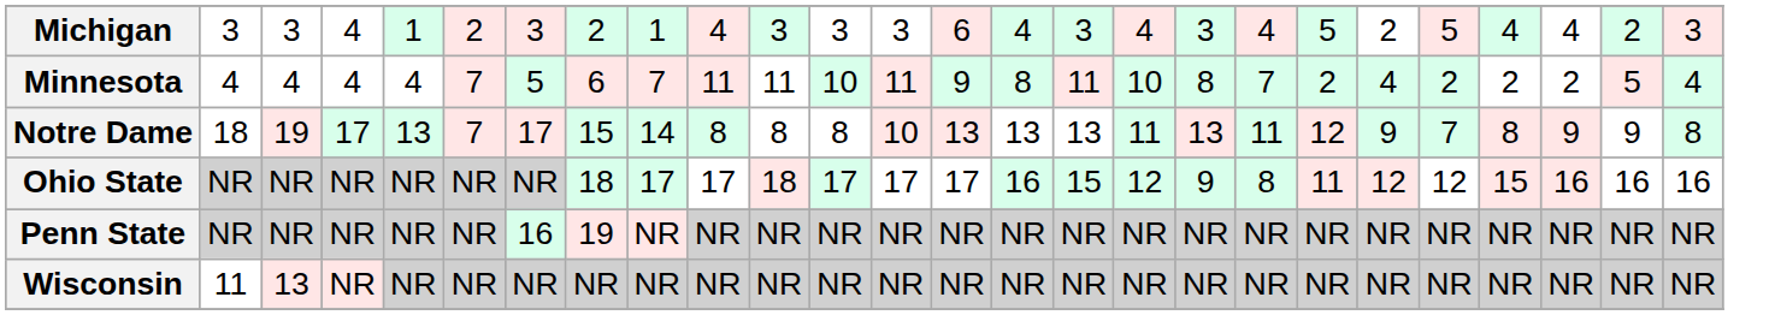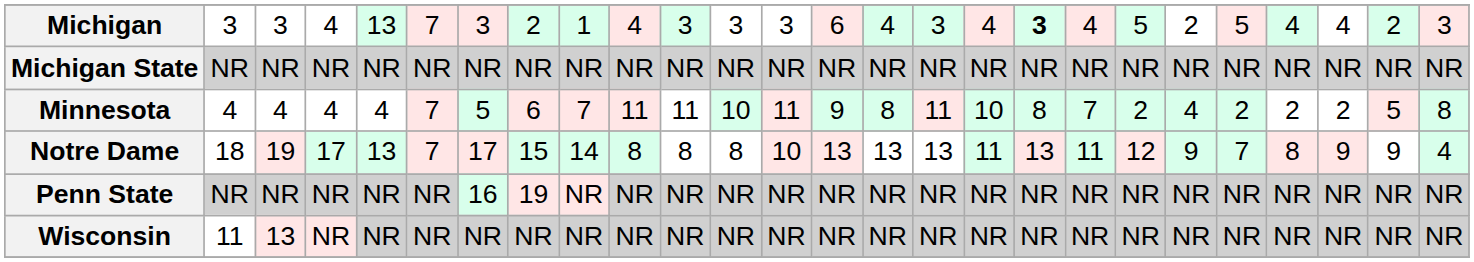 <table class="wikitable sortable" style="text-align: center;">
 <tr>
 </tr>
 <tr bgcolor=d0d0d0>
 <th>Michigan</th>
 <td bgcolor=FFFFFF>3</td>
 <td bgcolor=FFFFFF>3</td>
 <td bgcolor=FFFFFF>4</td>
-<td bgcolor=D8FFEB>1</td>
-<td bgcolor=FFE6E6>2</td>
+<td bgcolor=D8FFEB>13</td>
+<td bgcolor=FFE6E6>7</td>
 <td bgcolor=FFE6E6>3</td>
 <td bgcolor=D8FFEB>2</td>
 <td bgcolor=D8FFEB>1</td>
 <td bgcolor=FFE6E6>4</td>
 <td bgcolor=D8FFEB>3</td>
 <td bgcolor=FFFFFF>3</td>
 <td bgcolor=FFFFFF>3</td>
 <td bgcolor=FFE6E6>6</td>
 <td bgcolor=D8FFEB>4</td>
 <td bgcolor=D8FFEB>3</td>
 <td bgcolor=FFE6E6>4</td>
-<td bgcolor=D8FFEB>3</td>
+<td bgcolor=D8FFEB><strong>3</strong></td>
 <td bgcolor=FFE6E6>4</td>
 <td bgcolor=D8FFEB>5</td>
 <td bgcolor=FFFFFF>2</td>
 <td bgcolor=FFE6E6>5</td>
 <td bgcolor=D8FFEB>4</td>
 <td bgcolor=FFFFFF>4</td>
 <td bgcolor=D8FFEB>2</td>
 <td bgcolor=FFE6E6>3</td>
+</tr>
+<tr bgcolor=d0d0d0>
+<th>Michigan State</th>
+<td>NR</td>
+<td>NR</td>
+<td>NR</td>
+<td>NR</td>
+<td>NR</td>
+<td>NR</td>
+<td>NR</td>
+<td>NR</td>
+<td>NR</td>
+<td>NR</td>
+<td>NR</td>
+<td>NR</td>
+<td>NR</td>
+<td>NR</td>
+<td>NR</td>
+<td>NR</td>
+<td>NR</td>
+<td>NR</td>
+<td>NR</td>
+<td>NR</td>
+<td>NR</td>
+<td>NR</td>
+<td>NR</td>
+<td>NR</td>
+<td>NR</td>
 </tr>
 <tr bgcolor=d0d0d0>
 <th>Minnesota</th>
 <td bgcolor=FFFFFF>4</td>
 <td bgcolor=FFFFFF>4</td>
 <td bgcolor=FFFFFF>4</td>
 <td bgcolor=FFFFFF>4</td>
 <td bgcolor=FFE6E6>7</td>
 <td bgcolor=D8FFEB>5</td>
 <td bgcolor=FFE6E6>6</td>
 <td bgcolor=FFE6E6>7</td>
 <td bgcolor=FFE6E6>11</td>
 <td bgcolor=FFFFFF>11</td>
 <td bgcolor=D8FFEB>10</td>
 <td bgcolor=FFE6E6>11</td>
 <td bgcolor=D8FFEB>9</td>
 <td bgcolor=D8FFEB>8</td>
 <td bgcolor=FFE6E6>11</td>
 <td bgcolor=D8FFEB>10</td>
 <td bgcolor=D8FFEB>8</td>
 <td bgcolor=D8FFEB>7</td>
 <td bgcolor=D8FFEB>2</td>
 <td bgcolor=D8FFEB>4</td>
 <td bgcolor=D8FFEB>2</td>
 <td bgcolor=FFFFFF>2</td>
 <td bgcolor=FFFFFF>2</td>
 <td bgcolor=FFE6E6>5</td>
-<td bgcolor=D8FFEB>4</td>
+<td bgcolor=D8FFEB>8</td>
 </tr>
 <tr bgcolor=d0d0d0>
 <th>Notre Dame</th>
 <td bgcolor=FFFFFF>18</td>
 <td bgcolor=FFE6E6>19</td>
 <td bgcolor=D8FFEB>17</td>
 <td bgcolor=D8FFEB>13</td>
 <td bgcolor=FFE6E6>7</td>
 <td bgcolor=FFE6E6>17</td>
 <td bgcolor=D8FFEB>15</td>
 <td bgcolor=D8FFEB>14</td>
 <td bgcolor=D8FFEB>8</td>
 <td bgcolor=FFFFFF>8</td>
 <td bgcolor=FFFFFF>8</td>
 <td bgcolor=FFE6E6>10</td>
 <td bgcolor=FFE6E6>13</td>
 <td bgcolor=FFFFFF>13</td>
 <td bgcolor=FFFFFF>13</td>
 <td bgcolor=D8FFEB>11</td>
 <td bgcolor=FFE6E6>13</td>
 <td bgcolor=D8FFEB>11</td>
 <td bgcolor=FFE6E6>12</td>
 <td bgcolor=D8FFEB>9</td>
 <td bgcolor=D8FFEB>7</td>
 <td bgcolor=FFE6E6>8</td>
 <td bgcolor=FFE6E6>9</td>
 <td bgcolor=FFFFFF>9</td>
-<td bgcolor=D8FFEB>8</td>
-</tr>
-<tr bgcolor=d0d0d0>
-<th>Ohio State</th>
-<td>NR</td>
-<td>NR</td>
-<td>NR</td>
-<td>NR</td>
-<td>NR</td>
-<td>NR</td>
-<td bgcolor=D8FFEB>18</td>
-<td bgcolor=D8FFEB>17</td>
-<td bgcolor=FFFFFF>17</td>
-<td bgcolor=FFE6E6>18</td>
-<td bgcolor=D8FFEB>17</td>
-<td bgcolor=FFFFFF>17</td>
-<td bgcolor=FFFFFF>17</td>
-<td bgcolor=D8FFEB>16</td>
-<td bgcolor=D8FFEB>15</td>
-<td bgcolor=D8FFEB>12</td>
-<td bgcolor=D8FFEB>9</td>
-<td bgcolor=D8FFEB>8</td>
-<td bgcolor=FFE6E6>11</td>
-<td bgcolor=FFE6E6>12</td>
-<td bgcolor=FFFFFF>12</td>
-<td bgcolor=FFE6E6>15</td>
-<td bgcolor=FFE6E6>16</td>
-<td bgcolor=FFFFFF>16</td>
-<td bgcolor=FFFFFF>16</td>
+<td bgcolor=D8FFEB>4</td>
 </tr>
 <tr bgcolor=d0d0d0>
 <th>Penn State</th>
 <td>NR</td>
 <td>NR</td>
 <td>NR</td>
 <td>NR</td>
 <td>NR</td>
 <td bgcolor=D8FFEB>16</td>
 <td bgcolor=FFE6E6>19</td>
 <td bgcolor=FFE6E6>NR</td>
 <td>NR</td>
 <td>NR</td>
 <td>NR</td>
 <td>NR</td>
 <td>NR</td>
 <td>NR</td>
 <td>NR</td>
 <td>NR</td>
 <td>NR</td>
 <td>NR</td>
 <td>NR</td>
 <td>NR</td>
 <td>NR</td>
 <td>NR</td>
 <td>NR</td>
 <td>NR</td>
 <td>NR</td>
 </tr>
 <tr bgcolor=d0d0d0>
 <th>Wisconsin</th>
 <td bgcolor=FFFFFF>11</td>
 <td bgcolor=FFE6E6>13</td>
 <td bgcolor=FFE6E6>NR</td>
 <td>NR</td>
 <td>NR</td>
 <td>NR</td>
 <td>NR</td>
 <td>NR</td>
 <td>NR</td>
 <td>NR</td>
 <td>NR</td>
 <td>NR</td>
 <td>NR</td>
 <td>NR</td>
 <td>NR</td>
 <td>NR</td>
 <td>NR</td>
 <td>NR</td>
 <td>NR</td>
 <td>NR</td>
 <td>NR</td>
 <td>NR</td>
 <td>NR</td>
 <td>NR</td>
 <td>NR</td>
 </tr>
 <tr>
 </tr>
 </table>
